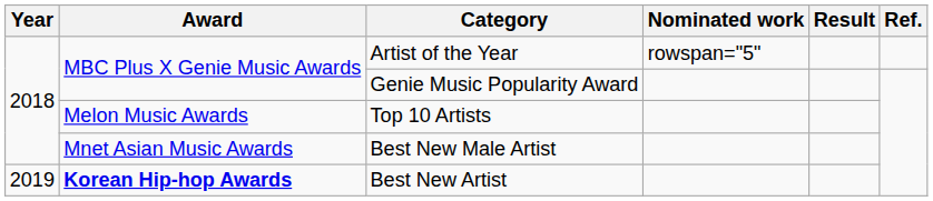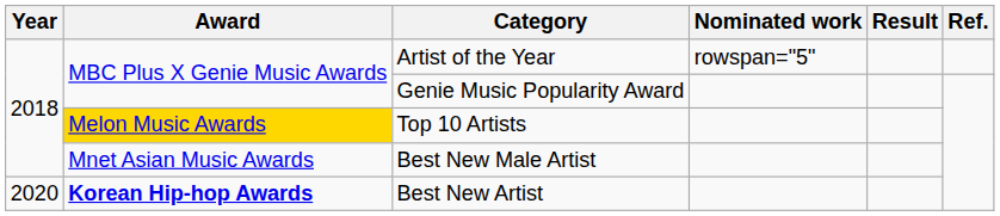 <table class="wikitable sortable">
 <tr>
 <th>Year</th>
 <th>Award</th>
 <th>Category</th>
 <th>Nominated work</th>
 <th>Result</th>
 <th>Ref.</th>
 </tr>
 <tr>
 <td rowspan="4">2018</td>
 <td rowspan="2"><a href='#'>MBC Plus X Genie Music Awards</a></td>
 <td>Artist of the Year</td>
 <td>rowspan="5" </td>
 <td></td>
 <td></td>
 </tr>
 <tr>
 <td>Genie Music Popularity Award</td>
 <td></td>
 <td></td>
 </tr>
 <tr>
-<td><a href='#'>Melon Music Awards</a></td>
+<td style="background: gold;"><a href='#'>Melon Music Awards</a></td>
 <td>Top 10 Artists</td>
 <td></td>
 <td></td>
 </tr>
 <tr>
 <td><a href='#'>Mnet Asian Music Awards</a></td>
 <td>Best New Male Artist</td>
 <td></td>
 <td></td>
 </tr>
 <tr>
-<td>2019</td>
+<td>2020</td>
 <td><strong><a href='#'>Korean Hip-hop Awards</a></strong></td>
 <td>Best New Artist</td>
 <td></td>
 <td></td>
 </tr>
 </table>
